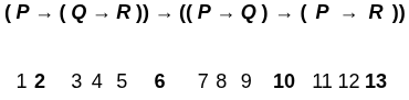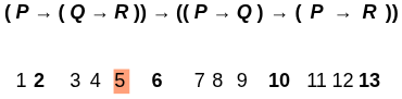 <table style="float:right;">
 <tr>
 <th>(</th>
 <th><em>P</em></th>
 <th>→</th>
 <th>(</th>
 <th><em>Q</em></th>
 <th>→</th>
 <th><em>R</em></th>
 <th>))</th>
 <th>→</th>
 <th>((</th>
 <th><em>P</em></th>
 <th>→</th>
 <th><em>Q</em></th>
 <th>)</th>
 <th>→</th>
 <th>(</th>
 <th><em>P</em></th>
 <th>→</th>
 <th><em>R</em></th>
 <th>))</th>
 </tr>
 <tr>
 <td></td>
 <td></td>
 <td></td>
 <td></td>
 <td></td>
 <td></td>
 <td></td>
 <td></td>
 <td></td>
 <td></td>
 <td></td>
 <td></td>
 <td></td>
 <td></td>
 <td></td>
 <td></td>
 <td></td>
 <td></td>
 <td></td>
 </tr>
 <tr>
 <td></td>
 <td></td>
 <td></td>
 <td></td>
 <td></td>
 <td></td>
 <td></td>
 <td></td>
 <td></td>
 <td></td>
 <td></td>
 <td></td>
 <td></td>
 <td></td>
 <td></td>
 <td></td>
 <td></td>
 <td></td>
 <td></td>
 </tr>
 <tr>
 <td></td>
 <td></td>
 <td></td>
 <td></td>
 <td></td>
 <td></td>
 <td></td>
 <td></td>
 <td></td>
 <td></td>
 <td></td>
 <td></td>
 <td></td>
 <td></td>
 <td></td>
 <td></td>
 <td></td>
 <td></td>
 <td></td>
 </tr>
 <tr>
 <td></td>
 <td></td>
 <td></td>
 <td></td>
 <td></td>
 <td></td>
 <td></td>
 <td></td>
 <td></td>
 <td></td>
 <td></td>
 <td></td>
 <td></td>
 <td></td>
 <td></td>
 <td></td>
 <td></td>
 <td></td>
 <td></td>
 </tr>
 <tr>
 <td></td>
 <td></td>
 <td></td>
 <td></td>
 <td></td>
 <td></td>
 <td></td>
 <td></td>
 <td></td>
 <td></td>
 <td></td>
 <td></td>
 <td></td>
 <td></td>
 <td></td>
 <td></td>
 <td></td>
 <td></td>
 <td></td>
 </tr>
 <tr>
 <td></td>
 <td></td>
 <td></td>
 <td></td>
 <td></td>
 <td></td>
 <td></td>
 <td></td>
 <td></td>
 <td></td>
 <td></td>
 <td></td>
 <td></td>
 <td></td>
 <td></td>
 <td></td>
 <td></td>
 <td></td>
 <td></td>
 </tr>
 <tr>
 <td></td>
 <td></td>
 <td></td>
 <td></td>
 <td></td>
 <td></td>
 <td></td>
 <td></td>
 <td></td>
 <td></td>
 <td></td>
 <td></td>
 <td></td>
 <td></td>
 <td></td>
 <td></td>
 <td></td>
 <td></td>
 <td></td>
 </tr>
 <tr>
 <td></td>
 <td></td>
 <td></td>
 <td></td>
 <td></td>
 <td></td>
 <td></td>
 <td></td>
 <td></td>
 <td></td>
 <td></td>
 <td></td>
 <td></td>
 <td></td>
 <td></td>
 <td></td>
 <td></td>
 <td></td>
 <td></td>
 </tr>
 <tr>
 </tr>
 <tr>
 <td></td>
 <td>1</td>
 <td><strong>2</strong></td>
 <td></td>
 <td>3</td>
 <td>4</td>
-<td>5</td>
+<td style="background: lightsalmon;">5</td>
 <td></td>
 <td><strong>6</strong></td>
 <td></td>
 <td>7</td>
 <td>8</td>
 <td>9</td>
 <td></td>
 <td><strong>10</strong></td>
 <td></td>
 <td>11</td>
 <td>12</td>
 <td><strong>13</strong></td>
 </tr>
 </table>
